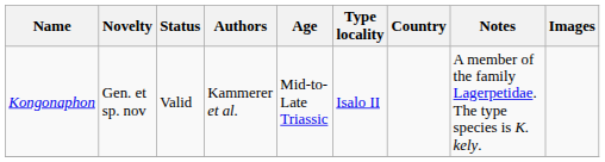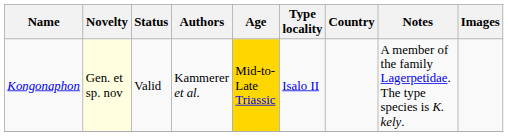 <table class="wikitable sortable" align="center" width="100%">
 <tr>
 <th>Name</th>
 <th>Novelty</th>
 <th>Status</th>
 <th>Authors</th>
 <th>Age</th>
 <th>Type locality</th>
 <th>Country</th>
 <th>Notes</th>
 <th>Images</th>
 </tr>
 <tr>
 <td><em><a href='#'>Kongonaphon</a></em></td>
-<td>Gen. et sp. nov</td>
+<td style="background: lightyellow;">Gen. et sp. nov</td>
 <td>Valid</td>
 <td>Kammerer <em>et al.</em></td>
-<td>Mid-to-Late <a href='#'>Triassic</a></td>
+<td style="background: gold;">Mid-to-Late <a href='#'>Triassic</a></td>
 <td><a href='#'>Isalo II</a></td>
 <td></td>
 <td>A member of the family <a href='#'>Lagerpetidae</a>. The type species is <em>K. kely</em>.</td>
 <td></td>
 </tr>
 <tr>
 </tr>
 </table>
